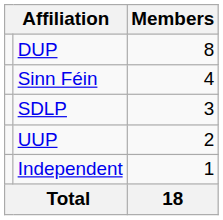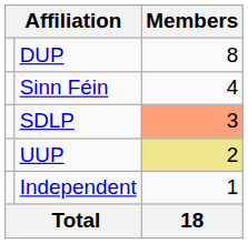 <table class="wikitable">
 <tr>
 <th colspan="2">Affiliation</th>
 <th>Members</th>
 </tr>
 <tr>
 <td style="color:inherit;background:"></td>
 <td><a href='#'>DUP</a></td>
 <td align="right">8</td>
 </tr>
 <tr>
 <td style="color:inherit;background:"></td>
 <td><a href='#'>Sinn Féin</a></td>
 <td align="right">4</td>
 </tr>
 <tr>
 <td style="color:inherit;background:"></td>
 <td><a href='#'>SDLP</a></td>
-<td align="right">3</td>
+<td align="right" style="background: lightsalmon;">3</td>
 </tr>
 <tr>
 <td style="color:inherit;background:"></td>
 <td><a href='#'>UUP</a></td>
-<td align="right">2</td>
+<td align="right" style="background: khaki;">2</td>
 </tr>
 <tr>
 <td style="color:inherit;background:"></td>
 <td><a href='#'>Independent</a></td>
 <td align="right">1</td>
 </tr>
 <tr>
 <th colspan="2" rowspan="1"> Total</th>
 <th align="right">18</th>
 </tr>
 </table>
